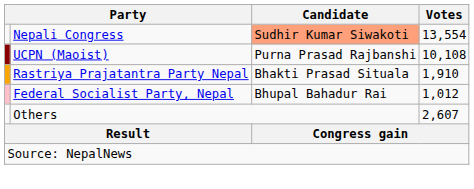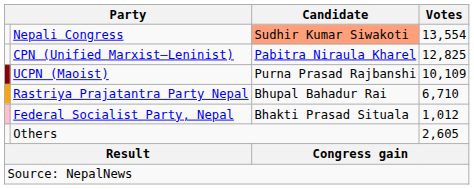 <table class="wikitable">
 <tr>
 <th colspan="2">Party</th>
 <th>Candidate</th>
 <th>Votes</th>
 </tr>
 <tr>
 <td style="background-color:"></td>
 <td><a href='#'>Nepali Congress</a></td>
 <td style="background: lightsalmon;">Sudhir Kumar Siwakoti</td>
 <td>13,554</td>
 </tr>
 <tr>
+<td style="background-color:"></td>
+<td><a href='#'>CPN (Unified Marxist–Leninist)</a></td>
+<td><a href='#'>Pabitra Niraula Kharel</a></td>
+<td>12,825</td>
+</tr>
+<tr>
 <td style="background-color:darkred"></td>
 <td><a href='#'>UCPN (Maoist)</a></td>
 <td>Purna Prasad Rajbanshi</td>
-<td>10,108</td>
+<td>10,109</td>
 </tr>
 <tr>
 <td style="background-color:orange"></td>
 <td><a href='#'>Rastriya Prajatantra Party Nepal</a></td>
-<td>Bhakti Prasad Situala</td>
-<td>1,910</td>
+<td>Bhupal Bahadur Rai</td>
+<td>6,710</td>
 </tr>
 <tr>
 <td style="background-color:pink"></td>
 <td><a href='#'>Federal Socialist Party, Nepal</a></td>
-<td>Bhupal Bahadur Rai</td>
+<td>Bhakti Prasad Situala</td>
 <td>1,012</td>
 </tr>
 <tr>
 <td></td>
 <td colspan="2">Others</td>
-<td>2,607</td>
+<td>2,605</td>
 </tr>
 <tr>
 <th colspan="2">Result</th>
 <th colspan="2">Congress gain</th>
 </tr>
 <tr>
 <td colspan="4">Source: NepalNews</td>
 </tr>
 </table>
